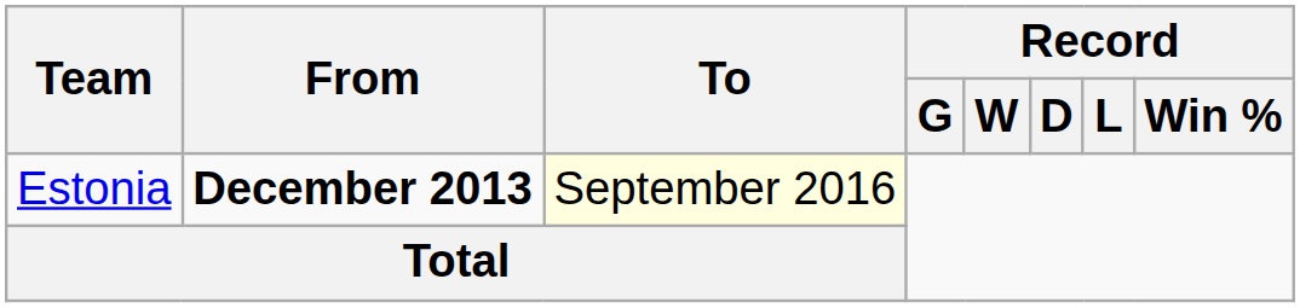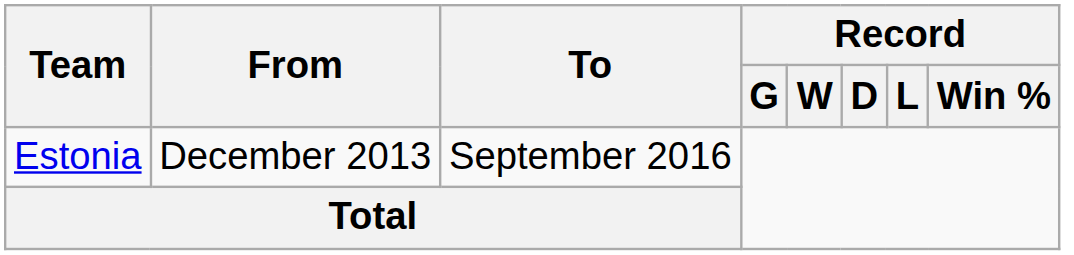 <table class="wikitable" style="text-align: center">
 <tr>
 <th rowspan="2">Team</th>
 <th rowspan="2">From</th>
 <th rowspan="2">To</th>
 <th colspan="5">Record</th>
 </tr>
 <tr>
 <th>G</th>
 <th>W</th>
 <th>D</th>
 <th>L</th>
 <th>Win %</th>
 </tr>
 <tr>
 <td align=left><a href='#'>Estonia</a></td>
-<td align=left><strong>December 2013</strong></td>
-<td align=left style="background: lightyellow;">September 2016<br></td>
+<td align=left>December 2013</td>
+<td align=left>September 2016<br></td>
 </tr>
 <tr>
 <th colspan="3">Total<br></th>
 </tr>
 </table>
